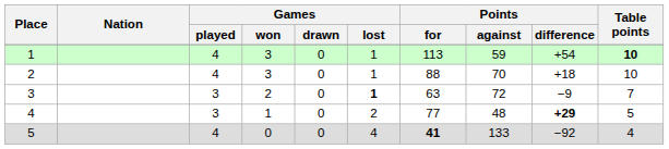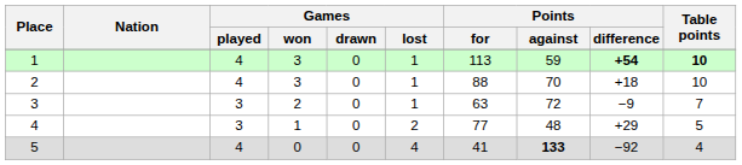 <table class="wikitable">
 <tr>
 <th rowspan=2 width="8%">Place</th>
 <th rowspan=2 width="20%">Nation</th>
 <th colspan=4 width="32%">Games</th>
 <th colspan=3 width="30%">Points</th>
 <th rowspan=2 width="10%">Table<br>points</th>
 </tr>
 <tr>
 <th width="8%">played</th>
 <th width="8%">won</th>
 <th width="8%">drawn</th>
 <th width="8%">lost</th>
 <th width="10%">for</th>
 <th width="10%">against</th>
 <th width="10%">difference</th>
 </tr>
 <tr>
 </tr>
 <tr bgcolor=#ccffcc align=center>
 <td>1</td>
 <td align=left><strong></strong></td>
 <td>4</td>
 <td>3</td>
 <td>0</td>
 <td>1</td>
 <td>113</td>
 <td>59</td>
-<td>+54</td>
+<td><strong>+54</strong></td>
 <td><strong>10</strong></td>
 </tr>
 <tr bgcolor=#ffffff align=center>
 <td>2</td>
 <td align=left></td>
 <td>4</td>
 <td>3</td>
 <td>0</td>
 <td>1</td>
 <td>88</td>
 <td>70</td>
 <td>+18</td>
 <td>10</td>
 </tr>
 <tr bgcolor=#ffffff align=center>
 <td>3</td>
 <td align=left></td>
 <td>3</td>
 <td>2</td>
 <td>0</td>
-<td><strong>1</strong></td>
+<td>1</td>
 <td>63</td>
 <td>72</td>
 <td>−9</td>
 <td>7</td>
 </tr>
 <tr bgcolor=#ffffff align=center>
 <td>4</td>
 <td align=left></td>
 <td>3</td>
 <td>1</td>
 <td>0</td>
 <td>2</td>
 <td>77</td>
 <td>48</td>
-<td><strong>+29</strong></td>
+<td>+29</td>
 <td>5</td>
 </tr>
 <tr bgcolor=#dddddd align=center>
 <td>5</td>
 <td align=left></td>
 <td>4</td>
 <td>0</td>
 <td>0</td>
 <td>4</td>
-<td><strong>41</strong></td>
-<td>133</td>
+<td>41</td>
+<td><strong>133</strong></td>
 <td>−92</td>
 <td>4</td>
 </tr>
 </table>
